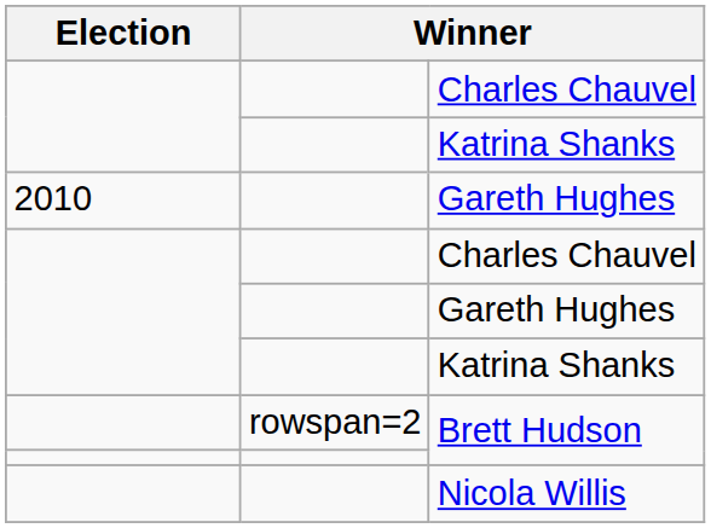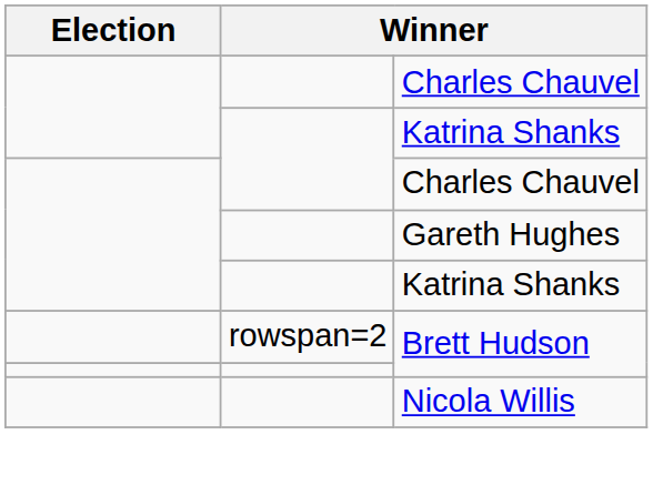 <table class=wikitable>
 <tr>
 <th width=100>Election</th>
 <th width=175 colspan=2>Winner</th>
 </tr>
 <tr>
 <td rowspan=2></td>
 <td></td>
 <td><a href='#'>Charles Chauvel</a></td>
 </tr>
 <tr>
 <td height=15 style="border-bottom:solid 0 grey; background:"></td>
 <td><a href='#'>Katrina Shanks</a></td>
-</tr>
-<tr>
-<td>2010</td>
-<td></td>
-<td><a href='#'>Gareth Hughes</a></td>
 </tr>
 <tr>
 <td rowspan="3"></td>
 <td height="15" style="border-top:solid 0 grey; background:"></td>
 <td>Charles Chauvel</td>
 </tr>
 <tr>
 <td></td>
 <td>Gareth Hughes</td>
 </tr>
 <tr>
 <td></td>
 <td>Katrina Shanks</td>
 </tr>
 <tr>
 <td></td>
 <td>rowspan=2 </td>
 <td rowspan=2><a href='#'>Brett Hudson</a></td>
 </tr>
 <tr>
 <td></td>
 </tr>
 <tr>
 <td></td>
 <td></td>
 <td><a href='#'>Nicola Willis</a></td>
 </tr>
 </table>
